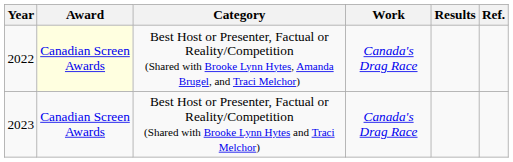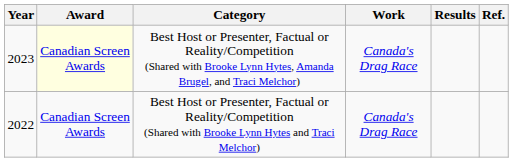 <table class="wikitable sortable" >
 <tr>
 <th>Year</th>
 <th>Award</th>
 <th>Category</th>
 <th>Work</th>
 <th>Results</th>
 <th>Ref.</th>
 </tr>
 <tr>
-<td style="text-align:center">2022</td>
+<td style="text-align:center">2023</td>
 <td style="background: lightyellow; text-align:center"><a href='#'>Canadian Screen Awards</a></td>
 <td style="text-align:center">Best Host or Presenter, Factual or Reality/Competition<br><small>(Shared with <a href='#'>Brooke Lynn Hytes</a>, <a href='#'>Amanda Brugel</a>, and <a href='#'>Traci Melchor</a>)</small></td>
 <td style="text-align:center"><em><a href='#'>Canada's Drag Race</a></em></td>
 <td></td>
 <td style="text-align:center"></td>
 </tr>
 <tr>
-<td style="text-align:center">2023</td>
+<td style="text-align:center">2022</td>
 <td style="text-align:center"><a href='#'>Canadian Screen Awards</a></td>
 <td style="text-align:center">Best Host or Presenter, Factual or Reality/Competition<br><small>(Shared with <a href='#'>Brooke Lynn Hytes</a> and <a href='#'>Traci Melchor</a>)</small></td>
 <td style="text-align:center"><em><a href='#'>Canada's Drag Race</a></em></td>
 <td></td>
 <td style="text-align:center"></td>
 </tr>
 </table>
